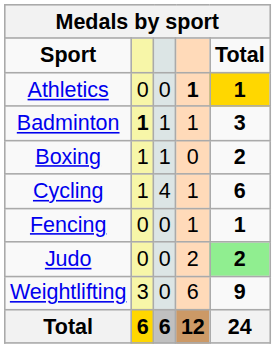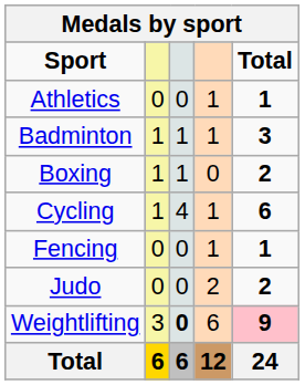 <table class="wikitable" style="font-size:85%; text-align:center;">
 <tr style="background:#efefef;">
 <th colspan=5><strong>Medals by sport</strong></th>
 </tr>
 <tr>
 <td><strong>Sport</strong></td>
 <td style="background:#f7f6a8;"></td>
 <td style="background:#dce5e5;"></td>
 <td style="background:#ffdab9;"></td>
 <td><strong>Total</strong></td>
 </tr>
 <tr>
 <td><a href='#'>Athletics</a></td>
 <td style="background:#F7F6A8;">0</td>
 <td style="background:#DCE5E5;">0</td>
-<td style="background:#FFDAB9;"><strong>1</strong></td>
-<td style="background: gold;"><strong>1</strong></td>
+<td style="background:#FFDAB9;">1</td>
+<td><strong>1</strong></td>
 </tr>
 <tr>
 <td><a href='#'>Badminton</a></td>
-<td style="background:#F7F6A8;"><strong>1</strong></td>
+<td style="background:#F7F6A8;">1</td>
 <td style="background:#DCE5E5;">1</td>
 <td style="background:#FFDAB9;">1</td>
 <td><strong>3</strong></td>
 </tr>
 <tr>
 <td><a href='#'>Boxing</a></td>
 <td style="background:#F7F6A8;">1</td>
 <td style="background:#DCE5E5;">1</td>
 <td style="background:#FFDAB9;">0</td>
 <td><strong>2</strong></td>
 </tr>
 <tr>
 <td><a href='#'>Cycling</a></td>
 <td style="background:#F7F6A8;">1</td>
 <td style="background:#DCE5E5;">4</td>
 <td style="background:#FFDAB9;">1</td>
 <td><strong>6</strong></td>
 </tr>
 <tr>
 <td><a href='#'>Fencing</a></td>
 <td style="background:#F7F6A8;">0</td>
 <td style="background:#DCE5E5;">0</td>
 <td style="background:#FFDAB9;">1</td>
 <td><strong>1</strong></td>
 </tr>
 <tr>
 <td><a href='#'>Judo</a></td>
 <td style="background:#F7F6A8;">0</td>
 <td style="background:#DCE5E5;">0</td>
 <td style="background:#FFDAB9;">2</td>
-<td style="background: lightgreen;"><strong>2</strong></td>
+<td><strong>2</strong></td>
 </tr>
 <tr>
 <td><a href='#'>Weightlifting</a></td>
 <td style="background:#F7F6A8;">3</td>
-<td style="background:#DCE5E5;">0</td>
+<td style="background:#DCE5E5;"><strong>0</strong></td>
 <td style="background:#FFDAB9;">6</td>
-<td><strong>9</strong></td>
+<td style="background: pink;"><strong>9</strong></td>
 </tr>
 <tr>
 <th>Total</th>
 <th style="background:gold;">6</th>
 <th style="background:silver;">6</th>
 <th style="background:#c96;">12</th>
 <th>24</th>
 </tr>
 </table>
